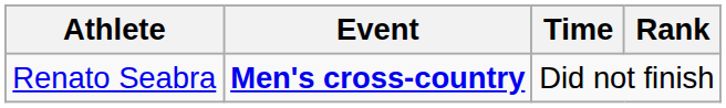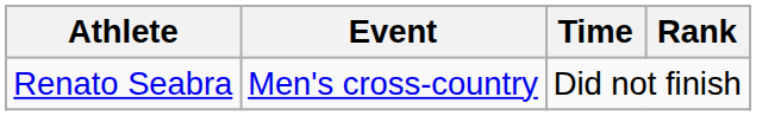 <table class=wikitable style=font-size:90%;text-align:center>
 <tr>
 <th>Athlete</th>
 <th>Event</th>
 <th>Time</th>
 <th>Rank</th>
 </tr>
 <tr>
 <td align=left><a href='#'>Renato Seabra</a></td>
-<td align=left><strong><a href='#'>Men's cross-country</a></strong></td>
+<td align=left><a href='#'>Men's cross-country</a></td>
 <td colspan=2>Did not finish</td>
 </tr>
 </table>
